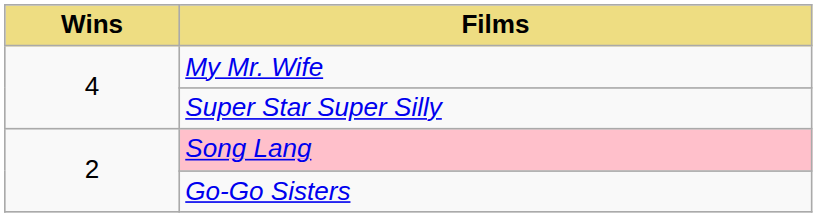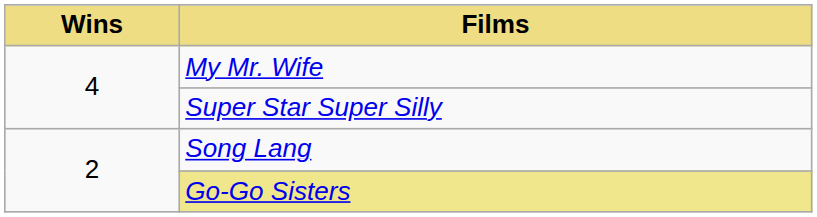 <table class="wikitable" align="center" style="width:25%">
 <tr>
 <th style="background:#EEDD82;" align="center">Wins</th>
 <th style="background:#EEDD82;" align="center">Films</th>
 </tr>
 <tr>
 <td rowspan="2" style="text-align:center">4</td>
 <td><em><a href='#'>My Mr. Wife</a></em></td>
 </tr>
 <tr>
 <td><em><a href='#'>Super Star Super Silly</a></em></td>
 </tr>
 <tr>
 <td rowspan="2" style="text-align:center">2</td>
-<td style="background: pink;"><em><a href='#'>Song Lang</a></em></td>
+<td><em><a href='#'>Song Lang</a></em></td>
 </tr>
 <tr>
-<td><em><a href='#'>Go-Go Sisters</a></em></td>
+<td style="background: khaki;"><em><a href='#'>Go-Go Sisters</a></em></td>
 </tr>
 </table>
